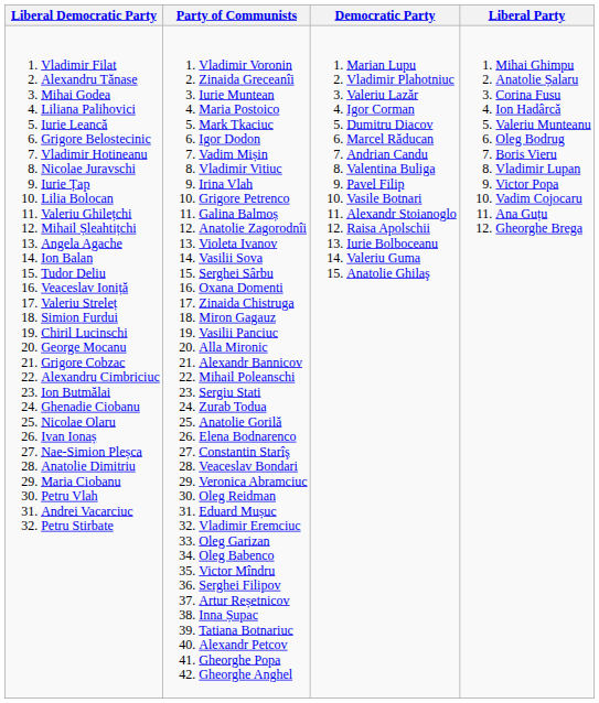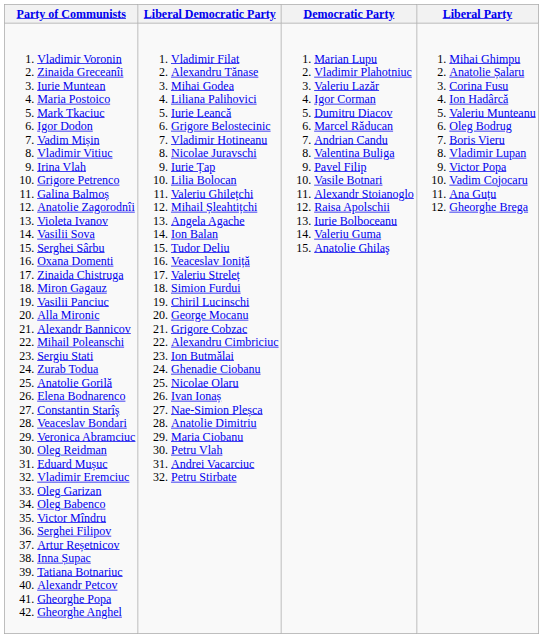 <table class=wikitable>
 <tr>
+<th><a href='#'>Party of Communists</a></th>
 <th><a href='#'>Liberal Democratic Party</a></th>
-<th><a href='#'>Party of Communists</a></th>
 <th><a href='#'>Democratic Party</a></th>
 <th><a href='#'>Liberal Party</a></th>
 </tr>
 <tr>
+<td><br><ol><li><a href='#'>Vladimir Voronin</a></li><li><a href='#'>Zinaida Greceanîi</a></li><li><a href='#'>Iurie Muntean</a></li><li><a href='#'>Maria Postoico</a></li><li><a href='#'>Mark Tkaciuc</a></li><li><a href='#'>Igor Dodon</a></li><li><a href='#'>Vadim Mișin</a></li><li><a href='#'>Vladimir Vitiuc</a></li><li><a href='#'>Irina Vlah</a></li><li><a href='#'>Grigore Petrenco</a></li><li><a href='#'>Galina Balmoș</a></li><li><a href='#'>Anatolie Zagorodnîi</a></li><li><a href='#'>Violeta Ivanov</a></li><li><a href='#'>Vasilii Sova</a></li><li><a href='#'>Serghei Sârbu</a></li><li><a href='#'>Oxana Domenti</a></li><li><a href='#'>Zinaida Chistruga</a></li><li><a href='#'>Miron Gagauz</a></li><li><a href='#'>Vasilii Panciuc</a></li><li><a href='#'>Alla Mironic</a></li><li><a href='#'>Alexandr Bannicov</a></li><li><a href='#'>Mihail Poleanschi</a></li><li><a href='#'>Sergiu Stati</a></li><li><a href='#'>Zurab Todua</a></li><li><a href='#'>Anatolie Gorilă</a></li><li><a href='#'>Elena Bodnarenco</a></li><li><a href='#'>Constantin Starîş</a></li><li><a href='#'>Veaceslav Bondari</a></li><li><a href='#'>Veronica Abramciuc</a></li><li><a href='#'>Oleg Reidman</a></li><li><a href='#'>Eduard Mușuc</a></li><li><a href='#'>Vladimir Eremciuc</a></li><li><a href='#'>Oleg Garizan</a></li><li><a href='#'>Oleg Babenco</a></li><li><a href='#'>Victor Mîndru</a></li><li><a href='#'>Serghei Filipov</a></li><li><a href='#'>Artur Reșetnicov</a></li><li><a href='#'>Inna Șupac</a></li><li><a href='#'>Tatiana Botnariuc</a></li><li><a href='#'>Alexandr Petcov</a></li><li><a href='#'>Gheorghe Popa</a></li><li><a href='#'>Gheorghe Anghel</a></li></ol></td>
 <td valign=top><br><ol><li><a href='#'>Vladimir Filat</a></li><li><a href='#'>Alexandru Tănase</a></li><li><a href='#'>Mihai Godea</a></li><li><a href='#'>Liliana Palihovici</a></li><li><a href='#'>Iurie Leancă</a></li><li><a href='#'>Grigore Belostecinic</a></li><li><a href='#'>Vladimir Hotineanu</a></li><li><a href='#'>Nicolae Juravschi</a></li><li><a href='#'>Iurie Țap</a></li><li><a href='#'>Lilia Bolocan</a></li><li><a href='#'>Valeriu Ghilețchi</a></li><li><a href='#'>Mihail Șleahtițchi</a></li><li><a href='#'>Angela Agache</a></li><li><a href='#'>Ion Balan</a></li><li><a href='#'>Tudor Deliu</a></li><li><a href='#'>Veaceslav Ioniță</a></li><li><a href='#'>Valeriu Streleț</a></li><li><a href='#'>Simion Furdui</a></li><li><a href='#'>Chiril Lucinschi</a></li><li><a href='#'>George Mocanu</a></li><li><a href='#'>Grigore Cobzac</a></li><li><a href='#'>Alexandru Cimbriciuc</a></li><li><a href='#'>Ion Butmălai</a></li><li><a href='#'>Ghenadie Ciobanu</a></li><li><a href='#'>Nicolae Olaru</a></li><li><a href='#'>Ivan Ionaș</a></li><li><a href='#'>Nae-Simion Pleșca</a></li><li><a href='#'>Anatolie Dimitriu</a></li><li><a href='#'>Maria Ciobanu</a></li><li><a href='#'>Petru Vlah</a></li><li><a href='#'>Andrei Vacarciuc</a></li><li><a href='#'>Petru Stirbate</a></li></ol></td>
-<td><br><ol><li><a href='#'>Vladimir Voronin</a></li><li><a href='#'>Zinaida Greceanîi</a></li><li><a href='#'>Iurie Muntean</a></li><li><a href='#'>Maria Postoico</a></li><li><a href='#'>Mark Tkaciuc</a></li><li><a href='#'>Igor Dodon</a></li><li><a href='#'>Vadim Mișin</a></li><li><a href='#'>Vladimir Vitiuc</a></li><li><a href='#'>Irina Vlah</a></li><li><a href='#'>Grigore Petrenco</a></li><li><a href='#'>Galina Balmoș</a></li><li><a href='#'>Anatolie Zagorodnîi</a></li><li><a href='#'>Violeta Ivanov</a></li><li><a href='#'>Vasilii Sova</a></li><li><a href='#'>Serghei Sârbu</a></li><li><a href='#'>Oxana Domenti</a></li><li><a href='#'>Zinaida Chistruga</a></li><li><a href='#'>Miron Gagauz</a></li><li><a href='#'>Vasilii Panciuc</a></li><li><a href='#'>Alla Mironic</a></li><li><a href='#'>Alexandr Bannicov</a></li><li><a href='#'>Mihail Poleanschi</a></li><li><a href='#'>Sergiu Stati</a></li><li><a href='#'>Zurab Todua</a></li><li><a href='#'>Anatolie Gorilă</a></li><li><a href='#'>Elena Bodnarenco</a></li><li><a href='#'>Constantin Starîş</a></li><li><a href='#'>Veaceslav Bondari</a></li><li><a href='#'>Veronica Abramciuc</a></li><li><a href='#'>Oleg Reidman</a></li><li><a href='#'>Eduard Mușuc</a></li><li><a href='#'>Vladimir Eremciuc</a></li><li><a href='#'>Oleg Garizan</a></li><li><a href='#'>Oleg Babenco</a></li><li><a href='#'>Victor Mîndru</a></li><li><a href='#'>Serghei Filipov</a></li><li><a href='#'>Artur Reșetnicov</a></li><li><a href='#'>Inna Șupac</a></li><li><a href='#'>Tatiana Botnariuc</a></li><li><a href='#'>Alexandr Petcov</a></li><li><a href='#'>Gheorghe Popa</a></li><li><a href='#'>Gheorghe Anghel</a></li></ol></td>
 <td valign=top><br><ol><li><a href='#'>Marian Lupu</a></li><li><a href='#'>Vladimir Plahotniuc</a></li><li><a href='#'>Valeriu Lazăr</a></li><li><a href='#'>Igor Corman</a></li><li><a href='#'>Dumitru Diacov</a></li><li><a href='#'>Marcel Răducan</a></li><li><a href='#'>Andrian Candu</a></li><li><a href='#'>Valentina Buliga</a></li><li><a href='#'>Pavel Filip</a></li><li><a href='#'>Vasile Botnari</a></li><li><a href='#'>Alexandr Stoianoglo</a></li><li><a href='#'>Raisa Apolschii</a></li><li><a href='#'>Iurie Bolboceanu</a></li><li><a href='#'>Valeriu Guma</a></li><li><a href='#'>Anatolie Ghilaş</a></li></ol></td>
 <td valign=top><br><ol><li><a href='#'>Mihai Ghimpu</a></li><li><a href='#'>Anatolie Șalaru</a></li><li><a href='#'>Corina Fusu</a></li><li><a href='#'>Ion Hadârcă</a></li><li><a href='#'>Valeriu Munteanu</a></li><li><a href='#'>Oleg Bodrug</a></li><li><a href='#'>Boris Vieru</a></li><li><a href='#'>Vladimir Lupan</a></li><li><a href='#'>Victor Popa</a></li><li><a href='#'>Vadim Cojocaru</a></li><li><a href='#'>Ana Guțu</a></li><li><a href='#'>Gheorghe Brega</a></li></ol></td>
 </tr>
 </table>
